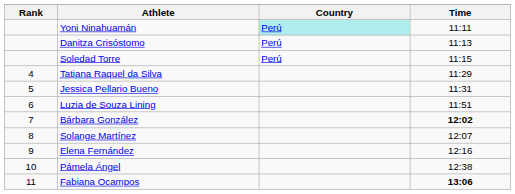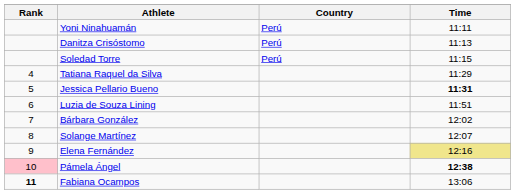 <table class="wikitable sortable" style=" text-align:center; font-size:95%;" width="50%">
 <tr>
 </tr>
 <tr>
 <th width=5%>Rank</th>
 <th width=20%>Athlete</th>
 <th width=15%>Country</th>
 <th width=10%>Time</th>
 </tr>
 <tr>
 <td align=center></td>
 <td align=left><a href='#'>Yoni Ninahuamán</a></td>
-<td align=left style="background: paleturquoise;"> <a href='#'>Perú</a></td>
+<td align=left> <a href='#'>Perú</a></td>
 <td>11:11</td>
 </tr>
 <tr>
 <td align=center></td>
 <td align=left><a href='#'>Danitza Crisóstomo</a></td>
 <td align=left> <a href='#'>Perú</a></td>
 <td>11:13</td>
 </tr>
 <tr>
 <td align=center></td>
 <td align=left><a href='#'>Soledad Torre</a></td>
 <td align=left> <a href='#'>Perú</a></td>
 <td>11:15</td>
 </tr>
 <tr>
 <td align=center>4</td>
 <td align=left><a href='#'>Tatiana Raquel da Silva</a></td>
 <td align=left></td>
 <td>11:29</td>
 </tr>
 <tr>
 <td align=center>5</td>
 <td align=left><a href='#'>Jessica Pellario Bueno</a></td>
 <td align=left></td>
-<td>11:31</td>
+<td><strong>11:31</strong></td>
 </tr>
 <tr>
 <td align=center>6</td>
 <td align=left><a href='#'>Luzia de Souza Lining</a></td>
 <td align=left></td>
 <td>11:51</td>
 </tr>
 <tr>
 <td align=center>7</td>
 <td align=left><a href='#'>Bárbara González</a></td>
 <td align=left></td>
-<td><strong>12:02</strong></td>
+<td>12:02</td>
 </tr>
 <tr>
 <td align=center>8</td>
 <td align=left><a href='#'>Solange Martínez</a></td>
 <td align=left></td>
 <td>12:07</td>
 </tr>
 <tr>
 <td align=center>9</td>
 <td align=left><a href='#'>Elena Fernández</a></td>
 <td align=left></td>
-<td>12:16</td>
+<td style="background: khaki;">12:16</td>
 </tr>
 <tr>
-<td align=center>10</td>
+<td align=center style="background: pink;">10</td>
 <td align=left><a href='#'>Pámela Ángel</a></td>
 <td align=left></td>
-<td>12:38</td>
+<td><strong>12:38</strong></td>
 </tr>
 <tr>
-<td align=center>11</td>
+<td align=center><strong>11</strong></td>
 <td align=left><a href='#'>Fabiana Ocampos</a></td>
 <td align=left></td>
-<td><strong>13:06</strong></td>
+<td>13:06</td>
 </tr>
 </table>
